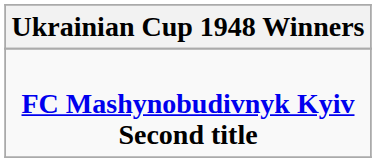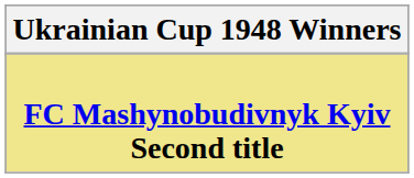 <table class="wikitable" style="text-align: center; margin: 0 auto;">
 <tr>
 <th>Ukrainian Cup 1948 Winners</th>
 </tr>
 <tr>
 </tr>
 <tr>
-<td><br><strong><a href='#'>FC Mashynobudivnyk Kyiv</a></strong><br><strong>Second title</strong></td>
+<td style="background: khaki;"><br><strong><a href='#'>FC Mashynobudivnyk Kyiv</a></strong><br><strong>Second title</strong></td>
 </tr>
 </table>
